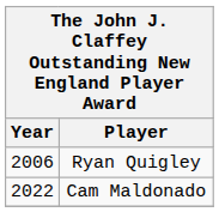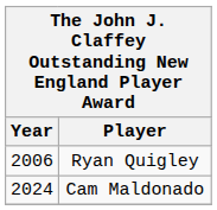 <table class="wikitable" style="display: inline-table; margin-right: 20px; text-align:center">
 <tr>
 <th scope="col" colspan="2" style="width: 145px;">The John J. Claffey Outstanding New England Player Award</th>
 </tr>
 <tr>
 <th scope="col">Year</th>
 <th scope="col">Player</th>
 </tr>
 <tr>
 <td>2006</td>
 <td>Ryan Quigley</td>
 </tr>
 <tr>
-<td>2022</td>
+<td>2024</td>
 <td>Cam Maldonado</td>
 </tr>
 <tr>
 </tr>
 </table>
